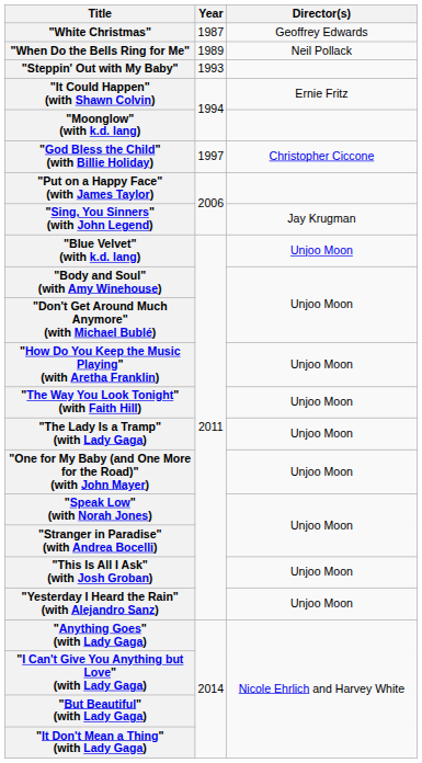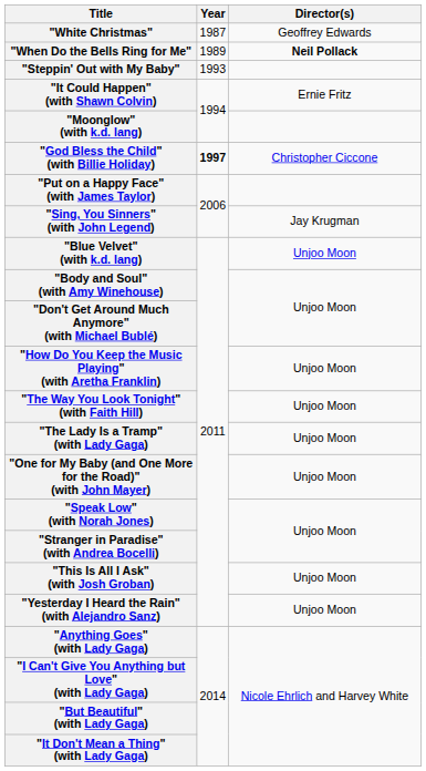 <table class="wikitable plainrowheaders" style="text-align:center;">
 <tr>
 <th scope="col" style="width:16em;">Title</th>
 <th scope="col">Year</th>
 <th scope="col" style="width:16em;">Director(s)</th>
 </tr>
 <tr>
 <th scope="row">"White Christmas"</th>
 <td>1987</td>
 <td>Geoffrey Edwards</td>
 </tr>
 <tr>
 <th scope="row">"When Do the Bells Ring for Me"</th>
 <td>1989</td>
-<td>Neil Pollack</td>
+<td><strong>Neil Pollack</strong></td>
 </tr>
 <tr>
 <th scope="row">"Steppin' Out with My Baby"</th>
 <td>1993</td>
 <td></td>
 </tr>
 <tr>
 <th scope="row">"It Could Happen"<br><span>(with <a href='#'>Shawn Colvin</a>)</span></th>
 <td rowspan="2">1994</td>
 <td>Ernie Fritz</td>
 </tr>
 <tr>
 <th scope="row">"Moonglow"<br><span>(with <a href='#'>k.d. lang</a>)</span></th>
 <td></td>
 </tr>
 <tr>
 <th scope="row">"<a href='#'>God Bless the Child</a>"<br><span>(with <a href='#'>Billie Holiday</a>)</span></th>
-<td>1997</td>
+<td><strong>1997</strong></td>
 <td><a href='#'>Christopher Ciccone</a></td>
 </tr>
 <tr>
 <th scope="row">"Put on a Happy Face"<br><span>(with <a href='#'>James Taylor</a>)</span></th>
 <td rowspan="2">2006</td>
 <td></td>
 </tr>
 <tr>
 <th scope="row">"<a href='#'>Sing, You Sinners</a>"<br><span>(with <a href='#'>John Legend</a>)</span></th>
 <td>Jay Krugman</td>
 </tr>
 <tr>
 <th scope="row">"Blue Velvet"<br><span>(with <a href='#'>k.d. lang</a>)</span></th>
 <td rowspan="11">2011</td>
 <td><a href='#'>Unjoo Moon</a></td>
 </tr>
 <tr>
 <th scope="row">"Body and Soul"<br><span>(with <a href='#'>Amy Winehouse</a>)</span></th>
 <td rowspan="2">Unjoo Moon</td>
 </tr>
 <tr>
 <th scope="row">"Don't Get Around Much Anymore"<br><span>(with <a href='#'>Michael Bublé</a>)</span></th>
 </tr>
 <tr>
 <th scope="row">"<a href='#'>How Do You Keep the Music Playing</a>"<br><span>(with <a href='#'>Aretha Franklin</a>)</span></th>
 <td>Unjoo Moon</td>
 </tr>
 <tr>
 <th scope="row">"<a href='#'>The Way You Look Tonight</a>"<br><span>(with <a href='#'>Faith Hill</a>)</span></th>
 <td>Unjoo Moon</td>
 </tr>
 <tr>
 <th scope="row">"The Lady Is a Tramp"<br><span>(with <a href='#'>Lady Gaga</a>)</span></th>
 <td>Unjoo Moon</td>
 </tr>
 <tr>
 <th scope="row">"One for My Baby (and One More for the Road)"<br><span>(with <a href='#'>John Mayer</a>)</span></th>
 <td>Unjoo Moon</td>
 </tr>
 <tr>
 <th scope="row">"<a href='#'>Speak Low</a>"<br><span>(with <a href='#'>Norah Jones</a>)</span></th>
 <td rowspan="2">Unjoo Moon</td>
 </tr>
 <tr>
 <th scope="row">"Stranger in Paradise"<br><span>(with <a href='#'>Andrea Bocelli</a>)</span></th>
 </tr>
 <tr>
 <th scope="row">"This Is All I Ask"<br><span>(with <a href='#'>Josh Groban</a>)</span></th>
 <td>Unjoo Moon</td>
 </tr>
 <tr>
 <th scope="row">"Yesterday I Heard the Rain"<br><span>(with <a href='#'>Alejandro Sanz</a>)</span></th>
 <td>Unjoo Moon</td>
 </tr>
 <tr>
 <th scope="row">"<a href='#'>Anything Goes</a>"<br><span>(with <a href='#'>Lady Gaga</a>)</span></th>
 <td rowspan="4">2014</td>
 <td rowspan="4"><a href='#'>Nicole Ehrlich</a> and Harvey White</td>
 </tr>
 <tr>
 <th scope="row">"<a href='#'>I Can't Give You Anything but Love</a>"<br><span>(with <a href='#'>Lady Gaga</a>)</span></th>
 </tr>
 <tr>
 <th scope="row">"<a href='#'>But Beautiful</a>"<br><span>(with <a href='#'>Lady Gaga</a>)</span></th>
 </tr>
 <tr>
 <th scope="row">"<a href='#'>It Don't Mean a Thing</a>"<br><span>(with <a href='#'>Lady Gaga</a>)</span></th>
 </tr>
 </table>
